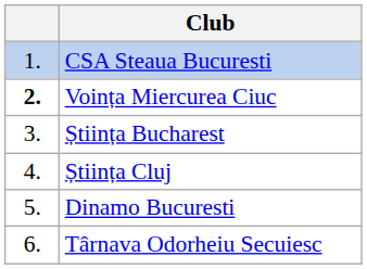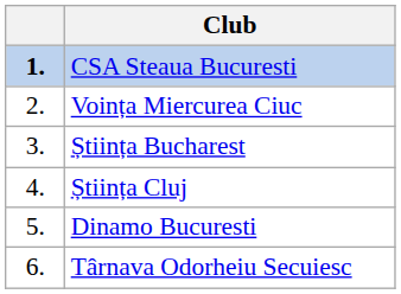 <table class="wikitable">
 <tr>
 <th width="30"></th>
 <th width="200">Club</th>
 </tr>
 <tr bgcolor="#BCD2EE" align="center">
-<td>1.</td>
+<td><strong>1.</strong></td>
 <td align="left"><a href='#'>CSA Steaua Bucuresti</a></td>
 </tr>
 <tr bgcolor="#FFFFFF" align="center">
-<td><strong>2.</strong></td>
+<td>2.</td>
 <td align="left"><a href='#'>Voința Miercurea Ciuc</a></td>
 </tr>
 <tr bgcolor="#FFFFFF" align="center">
 <td>3.</td>
 <td align="left"><a href='#'>Știința Bucharest</a></td>
 </tr>
 <tr bgcolor="#FFFFFF" align="center">
 <td>4.</td>
 <td align="left"><a href='#'>Știința Cluj</a></td>
 </tr>
 <tr bgcolor="#FFFFFF" align="center">
 <td>5.</td>
 <td align="left"><a href='#'>Dinamo Bucuresti</a></td>
 </tr>
 <tr bgcolor="#FFFFFF" align="center">
 <td>6.</td>
 <td align="left"><a href='#'>Târnava Odorheiu Secuiesc</a></td>
 </tr>
 </table>
